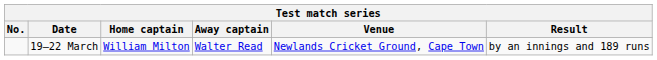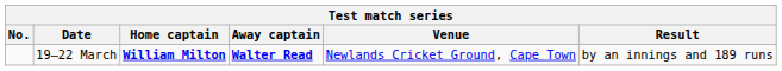 <table class="wikitable">
 <tr>
 <th colspan="9">Test match series</th>
 </tr>
 <tr>
 <th>No.</th>
 <th>Date</th>
 <th>Home captain</th>
 <th>Away captain</th>
 <th>Venue</th>
 <th>Result</th>
 </tr>
 <tr>
 <td></td>
 <td>19–22 March</td>
-<td><a href='#'>William Milton</a></td>
-<td><a href='#'>Walter Read</a></td>
+<td><strong><a href='#'>William Milton</a></strong></td>
+<td><strong><a href='#'>Walter Read</a></strong></td>
 <td><a href='#'>Newlands Cricket Ground</a>, <a href='#'>Cape Town</a></td>
 <td> by an innings and 189 runs</td>
 </tr>
 </table>
